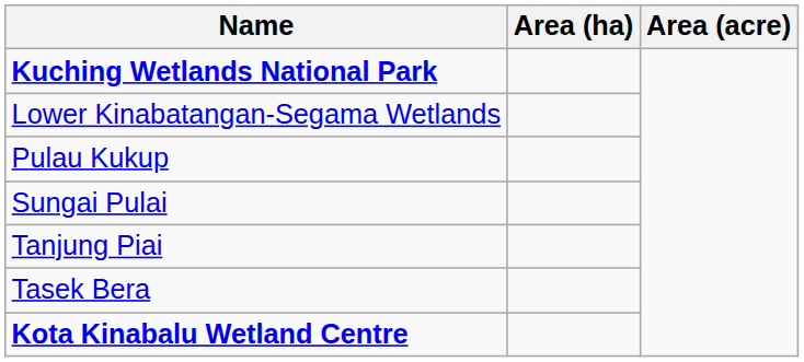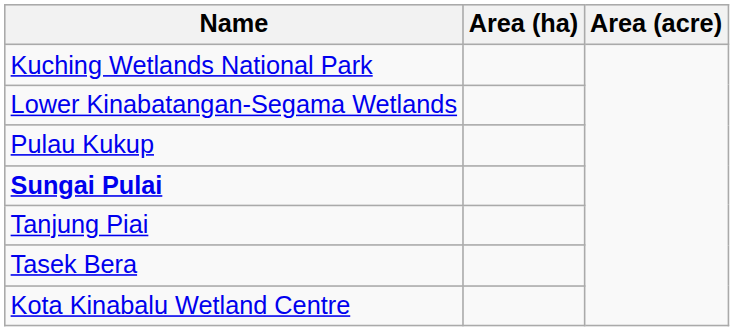 <table class="wikitable sortable">
 <tr>
 <th scope="col" align=left>Name</th>
 <th scope="col">Area (ha)</th>
 <th scope="col">Area (acre)</th>
 </tr>
 <tr ---->
-<td><strong><a href='#'>Kuching Wetlands National Park</a></strong></td>
+<td><a href='#'>Kuching Wetlands National Park</a></td>
 <td></td>
 </tr>
 <tr ---->
 <td><a href='#'>Lower Kinabatangan-Segama Wetlands</a></td>
 <td></td>
 </tr>
 <tr ---->
 <td><a href='#'>Pulau Kukup</a></td>
 <td></td>
 </tr>
 <tr ---->
-<td><a href='#'>Sungai Pulai</a></td>
+<td><strong><a href='#'>Sungai Pulai</a></strong></td>
 <td></td>
 </tr>
 <tr ---->
 <td><a href='#'>Tanjung Piai</a></td>
 <td></td>
 </tr>
 <tr ---->
 <td><a href='#'>Tasek Bera</a></td>
 <td></td>
 </tr>
 <tr ---->
-<td><strong><a href='#'>Kota Kinabalu Wetland Centre</a></strong></td>
+<td><a href='#'>Kota Kinabalu Wetland Centre</a></td>
 <td></td>
 </tr>
 </table>
